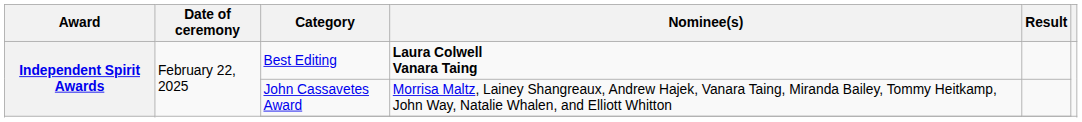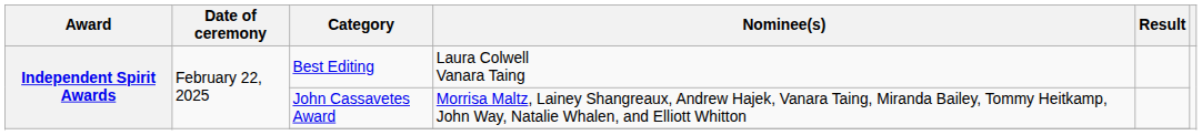 <table class="wikitable sortable plainrowheaders">
 <tr>
 <th scope="col">Award</th>
 <th scope="col">Date of ceremony</th>
 <th scope="col">Category</th>
 <th scope="col">Nominee(s)</th>
 <th>Result</th>
 <th class="unsortable" scope="col"></th>
 </tr>
 <tr>
 <th rowspan="3" scope="row"><a href='#'>Independent Spirit Awards</a></th>
 <td rowspan="3">February 22, 2025</td>
 <td><a href='#'>Best Editing</a></td>
-<td><strong>Laura Colwell<br>Vanara Taing</strong></td>
+<td>Laura Colwell<br>Vanara Taing</td>
 <td></td>
 <td rowspan="3" align="center"></td>
 </tr>
 <tr>
 <td><a href='#'>John Cassavetes Award</a></td>
 <td><a href='#'>Morrisa Maltz</a>, Lainey Shangreaux, Andrew Hajek, Vanara Taing, Miranda Bailey, Tommy Heitkamp, John Way, Natalie Whalen, and Elliott Whitton</td>
 <td></td>
 </tr>
 <tr>
 </tr>
 </table>
